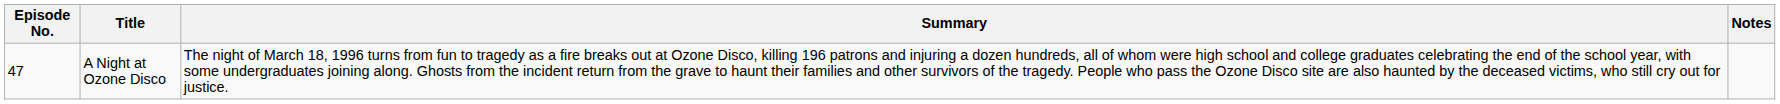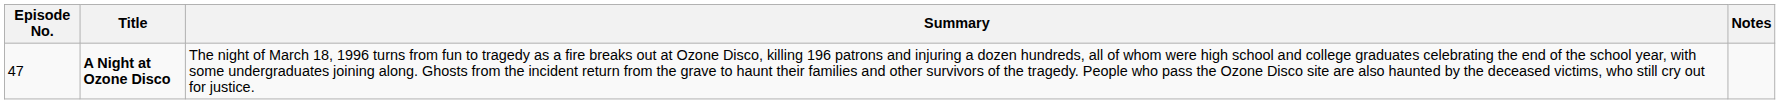 <table class="wikitable">
 <tr>
 <th>Episode No.</th>
 <th>Title</th>
 <th>Summary</th>
 <th>Notes</th>
 </tr>
 <tr>
 <td>47</td>
-<td>A Night at Ozone Disco</td>
+<td><strong>A Night at Ozone Disco</strong></td>
 <td>The night of March 18, 1996 turns from fun to tragedy as a fire breaks out at Ozone Disco, killing 196 patrons and injuring a dozen hundreds, all of whom were high school and college graduates celebrating the end of the school year, with some undergraduates joining along. Ghosts from the incident return from the grave to haunt their families and other survivors of the tragedy. People who pass the Ozone Disco site are also haunted by the deceased victims, who still cry out for justice.</td>
 <td></td>
 </tr>
 </table>
